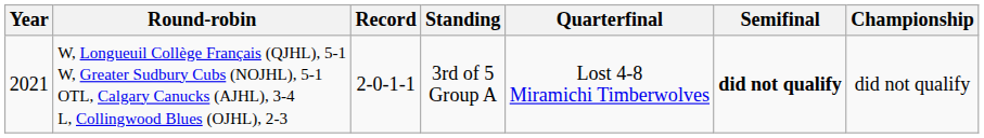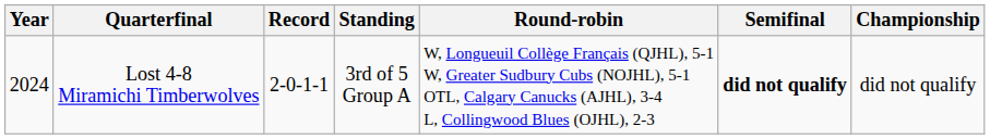 <table class="wikitable" style="text-align:center;">
 <tr>
 <th>Year</th>
-<th>Round-robin</th>
+<th>Quarterfinal</th>
 <th>Record</th>
 <th>Standing</th>
-<th>Quarterfinal</th>
+<th>Round-robin</th>
 <th>Semifinal</th>
 <th>Championship</th>
 </tr>
 <tr>
-<td>2021</td>
-<td align=left><small>W, <a href='#'>Longueuil Collège Français</a> (QJHL), 5-1<br>W, <a href='#'>Greater Sudbury Cubs</a> (NOJHL), 5-1<br>OTL, <a href='#'>Calgary Canucks</a> (AJHL), 3-4<br>L, <a href='#'>Collingwood Blues</a> (OJHL), 2-3</small></td>
+<td>2024</td>
+<td>Lost 4-8<br><a href='#'>Miramichi Timberwolves</a></td>
 <td>2-0-1-1</td>
 <td>3rd of 5 <br>Group A</td>
-<td>Lost 4-8<br><a href='#'>Miramichi Timberwolves</a></td>
+<td align=left><small>W, <a href='#'>Longueuil Collège Français</a> (QJHL), 5-1<br>W, <a href='#'>Greater Sudbury Cubs</a> (NOJHL), 5-1<br>OTL, <a href='#'>Calgary Canucks</a> (AJHL), 3-4<br>L, <a href='#'>Collingwood Blues</a> (OJHL), 2-3</small></td>
 <td><strong>did not qualify</strong></td>
 <td>did not qualify</td>
 </tr>
 </table>
